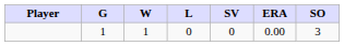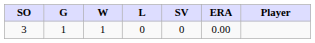 <table class="wikitable sortable">
 <tr>
-<th style="background:#ddf; width:16%;">Player</th>
+<th style="background:#ddf; width:9%;">SO</th>
 <th style="background:#ddf; width:9%;">G</th>
 <th style="background:#ddf; width:9%;">W</th>
 <th style="background:#ddf; width:9%;">L</th>
 <th style="background:#ddf; width:9%;">SV</th>
 <th style="background:#ddf; width:9%;">ERA</th>
-<th style="background:#ddf; width:9%;">SO</th>
+<th style="background:#ddf; width:16%;">Player</th>
 </tr>
 <tr style="text-align:center;">
-<td></td>
+<td>3</td>
 <td>1</td>
 <td>1</td>
 <td>0</td>
 <td>0</td>
 <td>0.00</td>
-<td>3</td>
+<td></td>
 </tr>
 </table>
